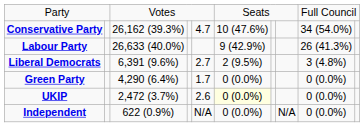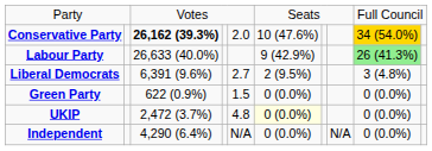 <table class=wikitable style="text-align:center;">
 <tr>
 <td colspan=2>Party</td>
 <td colspan=3>Votes</td>
 <td colspan=3>Seats</td>
 <td colspan=3>Full Council</td>
 </tr>
 <tr>
 <td><strong><a href='#'>Conservative Party</a></strong></td>
 <td style="background:"></td>
-<td>26,162 (39.3%)</td>
+<td><strong>26,162 (39.3%)</strong></td>
 <td></td>
-<td> 4.7</td>
+<td> 2.0</td>
 <td>10 (47.6%)</td>
 <td></td>
 <td></td>
-<td>34 (54.0%)</td>
+<td style="background: gold;">34 (54.0%)</td>
 <td></td>
 </tr>
 <tr>
 <td><strong><a href='#'>Labour Party</a></strong></td>
 <td style="background:"></td>
 <td>26,633 (40.0%)</td>
 <td></td>
 <td></td>
 <td>9 (42.9%)</td>
 <td></td>
 <td></td>
-<td>26 (41.3%)</td>
+<td style="background: lightgreen;">26 (41.3%)</td>
 <td></td>
 </tr>
 <tr>
 <td><strong><a href='#'>Liberal Democrats</a></strong></td>
 <td style="background:"></td>
 <td>6,391 (9.6%)</td>
 <td></td>
 <td> 2.7</td>
 <td>2 (9.5%)</td>
 <td></td>
 <td></td>
 <td>3 (4.8%)</td>
 <td></td>
 </tr>
 <tr>
 <td><strong><a href='#'>Green Party</a></strong></td>
 <td style="background:"></td>
-<td>4,290 (6.4%)</td>
+<td>622 (0.9%)</td>
 <td></td>
-<td> 1.7</td>
+<td> 1.5</td>
 <td>0 (0.0%)</td>
 <td></td>
 <td></td>
 <td>0 (0.0%)</td>
 <td></td>
 </tr>
 <tr>
 <td><strong><a href='#'>UKIP</a></strong></td>
 <td style="background:"></td>
 <td>2,472 (3.7%)</td>
 <td></td>
-<td> 2.6</td>
+<td> 4.8</td>
 <td style="background: lightyellow;">0 (0.0%)</td>
 <td></td>
 <td></td>
 <td>0 (0.0%)</td>
 <td></td>
 </tr>
 <tr>
 <td><strong><a href='#'>Independent</a></strong></td>
 <td style="background:"></td>
-<td>622 (0.9%)</td>
+<td>4,290 (6.4%)</td>
 <td></td>
 <td>N/A</td>
 <td>0 (0.0%)</td>
 <td></td>
 <td>N/A</td>
 <td>0 (0.0%)</td>
 <td></td>
 </tr>
 </table>
